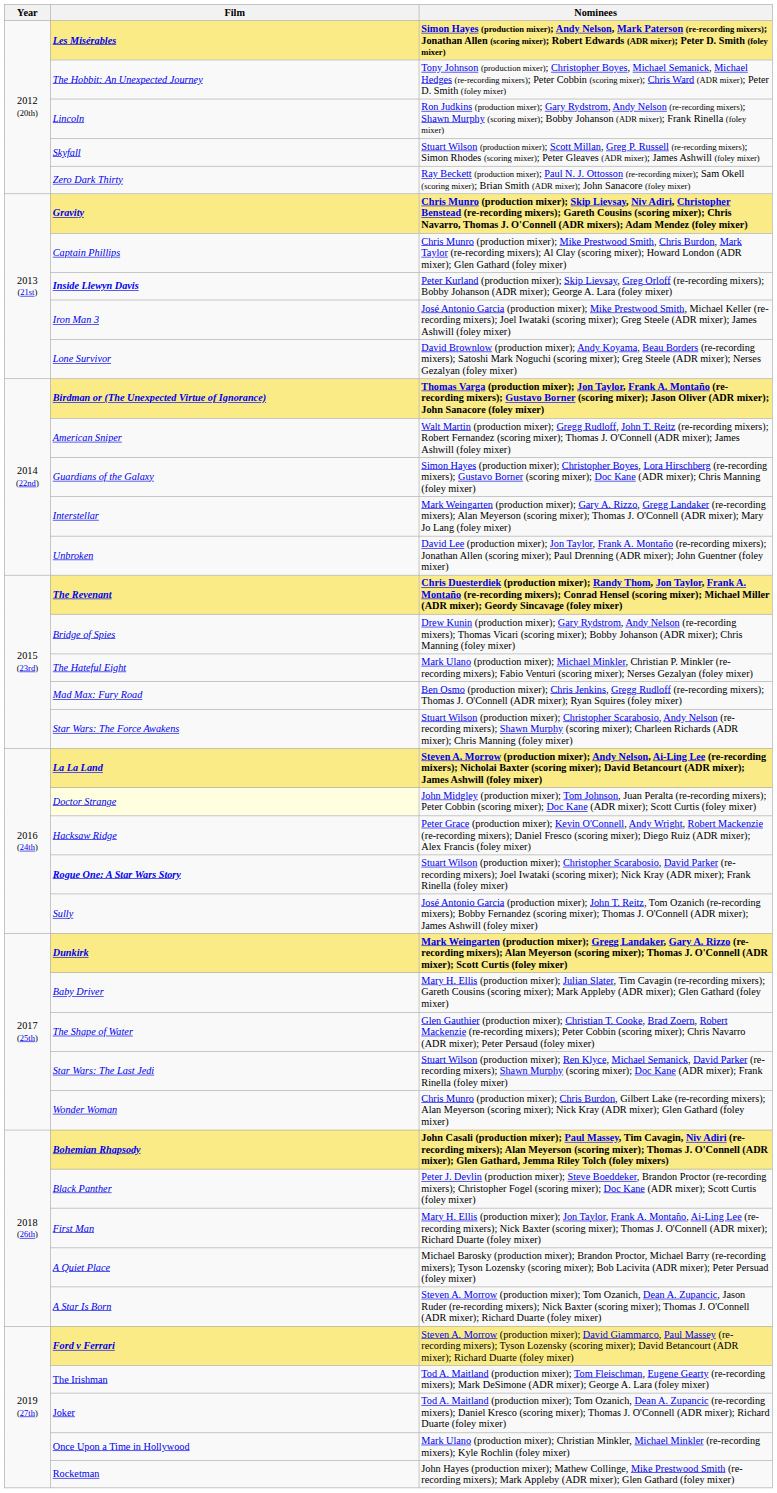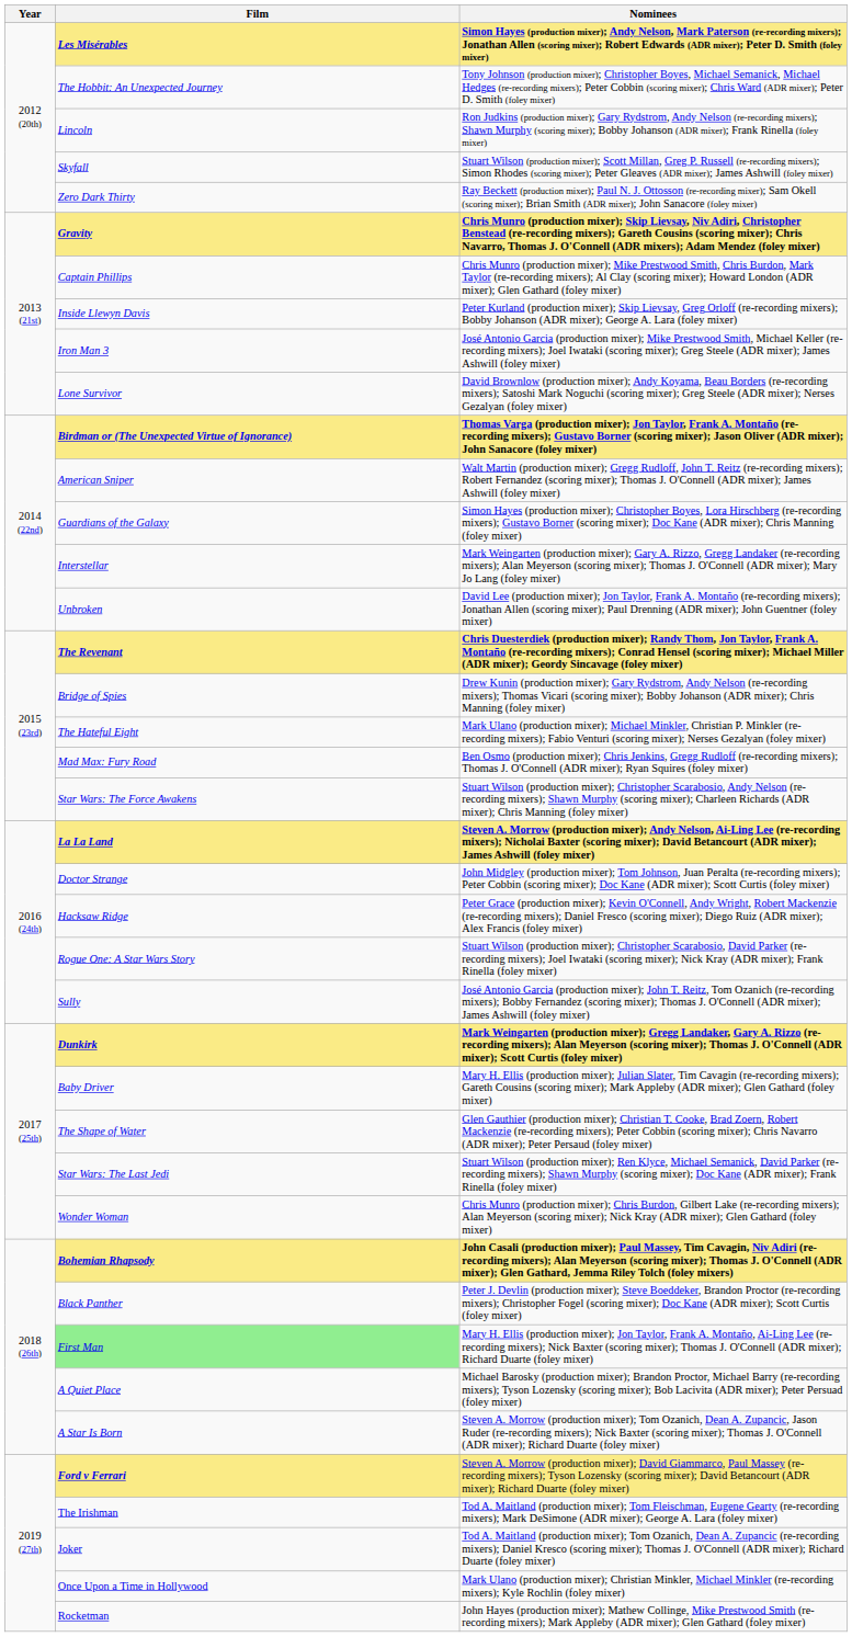 <table class="wikitable" width="95%" cellpadding="5">
 <tr>
 <th width="6%">Year</th>
 <th width="48%">Film</th>
 <th width="48%">Nominees</th>
 </tr>
 <tr>
 <td rowspan="5" style="text-align:center;">2012 <br><small>(20th)</small><br></td>
 <td style="background:#FAEB86;"><strong><em><a href='#'>Les Misérables</a></em></strong></td>
 <td style="background:#FAEB86;"><strong><a href='#'>Simon Hayes</a> <small>(production mixer)</small>; <a href='#'>Andy Nelson</a>, <a href='#'>Mark Paterson</a> <small>(re-recording mixers)</small>; Jonathan Allen <small>(scoring mixer)</small>; Robert Edwards <small>(ADR mixer)</small>; Peter D. Smith <small>(foley mixer)</small></strong></td>
 </tr>
 <tr>
 <td><em><a href='#'>The Hobbit: An Unexpected Journey</a></em></td>
 <td><a href='#'>Tony Johnson</a> <small>(production mixer)</small>; <a href='#'>Christopher Boyes</a>, <a href='#'>Michael Semanick</a>, <a href='#'>Michael Hedges</a> <small>(re-recording mixers)</small>; Peter Cobbin <small>(scoring mixer)</small>; <a href='#'>Chris Ward</a> <small>(ADR mixer)</small>; Peter D. Smith <small>(foley mixer)</small></td>
 </tr>
 <tr>
 <td><em><a href='#'>Lincoln</a></em></td>
 <td><a href='#'>Ron Judkins</a> <small>(production mixer)</small>; <a href='#'>Gary Rydstrom</a>, <a href='#'>Andy Nelson</a> <small>(re-recording mixers)</small>; <a href='#'>Shawn Murphy</a> <small>(scoring mixer)</small>; Bobby Johanson <small>(ADR mixer)</small>; Frank Rinella <small>(foley mixer)</small></td>
 </tr>
 <tr>
 <td><em><a href='#'>Skyfall</a></em></td>
 <td><a href='#'>Stuart Wilson</a> <small>(production mixer)</small>; <a href='#'>Scott Millan</a>, <a href='#'>Greg P. Russell</a> <small>(re-recording mixers)</small>; Simon Rhodes <small>(scoring mixer)</small>; Peter Gleaves <small>(ADR mixer)</small>; James Ashwill <small>(foley mixer)</small></td>
 </tr>
 <tr>
 <td><em><a href='#'>Zero Dark Thirty</a></em></td>
 <td><a href='#'>Ray Beckett</a> <small>(production mixer)</small>; <a href='#'>Paul N. J. Ottosson</a> <small>(re-recording mixer)</small>; Sam Okell <small>(scoring mixer)</small>; Brian Smith <small>(ADR mixer)</small>; John Sanacore <small>(foley mixer)</small></td>
 </tr>
 <tr>
 <td rowspan="5" style="text-align:center;">2013 <br><small>(<a href='#'>21st</a>)</small><br></td>
 <td style="background:#FAEB86;"><strong><em><a href='#'>Gravity</a></em></strong></td>
 <td style="background:#FAEB86;"><strong><a href='#'>Chris Munro</a> (production mixer); <a href='#'>Skip Lievsay</a>, <a href='#'>Niv Adiri</a>, <a href='#'>Christopher Benstead</a> (re-recording mixers); Gareth Cousins (scoring mixer); Chris Navarro, Thomas J. O'Connell (ADR mixers); Adam Mendez (foley mixer)</strong></td>
 </tr>
 <tr>
 <td><em><a href='#'>Captain Phillips</a></em></td>
 <td><a href='#'>Chris Munro</a> (production mixer); <a href='#'>Mike Prestwood Smith</a>, <a href='#'>Chris Burdon</a>, <a href='#'>Mark Taylor</a> (re-recording mixers); Al Clay (scoring mixer); Howard London (ADR mixer); Glen Gathard (foley mixer)</td>
 </tr>
 <tr>
-<td><strong><em><a href='#'>Inside Llewyn Davis</a></em></strong></td>
+<td><em><a href='#'>Inside Llewyn Davis</a></em></td>
 <td><a href='#'>Peter Kurland</a> (production mixer); <a href='#'>Skip Lievsay</a>, <a href='#'>Greg Orloff</a> (re-recording mixers); Bobby Johanson (ADR mixer); George A. Lara (foley mixer)</td>
 </tr>
 <tr>
 <td><em><a href='#'>Iron Man 3</a></em></td>
 <td><a href='#'>José Antonio Garcia</a> (production mixer); <a href='#'>Mike Prestwood Smith</a>, Michael Keller (re-recording mixers); Joel Iwataki (scoring mixer); Greg Steele (ADR mixer); James Ashwill (foley mixer)</td>
 </tr>
 <tr>
 <td><em><a href='#'>Lone Survivor</a></em></td>
 <td><a href='#'>David Brownlow</a> (production mixer); <a href='#'>Andy Koyama</a>, <a href='#'>Beau Borders</a> (re-recording mixers); Satoshi Mark Noguchi (scoring mixer); Greg Steele (ADR mixer); Nerses Gezalyan (foley mixer)</td>
 </tr>
 <tr>
 <td rowspan="5" style="text-align:center;">2014 <br><small>(<a href='#'>22nd</a>)</small><br></td>
 <td style="background:#FAEB86;"><strong><em><a href='#'>Birdman or (The Unexpected Virtue of Ignorance)</a></em></strong></td>
 <td style="background:#FAEB86;"><strong><a href='#'>Thomas Varga</a> (production mixer); <a href='#'>Jon Taylor</a>, <a href='#'>Frank A. Montaño</a> (re-recording mixers); <a href='#'>Gustavo Borner</a> (scoring mixer); Jason Oliver (ADR mixer); John Sanacore (foley mixer)</strong></td>
 </tr>
 <tr>
 <td><em><a href='#'>American Sniper</a></em></td>
 <td><a href='#'>Walt Martin</a> (production mixer); <a href='#'>Gregg Rudloff</a>, <a href='#'>John T. Reitz</a> (re-recording mixers); Robert Fernandez (scoring mixer); Thomas J. O'Connell (ADR mixer); James Ashwill (foley mixer)</td>
 </tr>
 <tr>
 <td><em><a href='#'>Guardians of the Galaxy</a></em></td>
 <td><a href='#'>Simon Hayes</a> (production mixer); <a href='#'>Christopher Boyes</a>, <a href='#'>Lora Hirschberg</a> (re-recording mixers); <a href='#'>Gustavo Borner</a> (scoring mixer); <a href='#'>Doc Kane</a> (ADR mixer); Chris Manning (foley mixer)</td>
 </tr>
 <tr>
 <td><em><a href='#'>Interstellar</a></em></td>
 <td><a href='#'>Mark Weingarten</a> (production mixer); <a href='#'>Gary A. Rizzo</a>, <a href='#'>Gregg Landaker</a> (re-recording mixers); Alan Meyerson (scoring mixer); Thomas J. O'Connell (ADR mixer); Mary Jo Lang (foley mixer)</td>
 </tr>
 <tr>
 <td><em><a href='#'>Unbroken</a></em></td>
 <td><a href='#'>David Lee</a> (production mixer); <a href='#'>Jon Taylor</a>, <a href='#'>Frank A. Montaño</a> (re-recording mixers); Jonathan Allen (scoring mixer); Paul Drenning (ADR mixer); John Guentner (foley mixer)</td>
 </tr>
 <tr>
 <td rowspan="5" style="text-align:center;">2015 <br><small>(<a href='#'>23rd</a>)</small><br></td>
 <td style="background:#FAEB86;"><strong><em><a href='#'>The Revenant</a></em></strong></td>
 <td style="background:#FAEB86;"><strong><a href='#'>Chris Duesterdiek</a> (production mixer); <a href='#'>Randy Thom</a>, <a href='#'>Jon Taylor</a>, <a href='#'>Frank A. Montaño</a> (re-recording mixers); Conrad Hensel (scoring mixer); Michael Miller (ADR mixer); Geordy Sincavage (foley mixer)</strong></td>
 </tr>
 <tr>
 <td><em><a href='#'>Bridge of Spies</a></em></td>
 <td><a href='#'>Drew Kunin</a> (production mixer); <a href='#'>Gary Rydstrom</a>, <a href='#'>Andy Nelson</a> (re-recording mixers); Thomas Vicari (scoring mixer); Bobby Johanson (ADR mixer); Chris Manning (foley mixer)</td>
 </tr>
 <tr>
 <td><em><a href='#'>The Hateful Eight</a></em></td>
 <td><a href='#'>Mark Ulano</a> (production mixer); <a href='#'>Michael Minkler</a>, Christian P. Minkler (re-recording mixers); Fabio Venturi (scoring mixer); Nerses Gezalyan (foley mixer)</td>
 </tr>
 <tr>
 <td><em><a href='#'>Mad Max: Fury Road</a></em></td>
 <td><a href='#'>Ben Osmo</a> (production mixer); <a href='#'>Chris Jenkins</a>, <a href='#'>Gregg Rudloff</a> (re-recording mixers); Thomas J. O'Connell (ADR mixer); Ryan Squires (foley mixer)</td>
 </tr>
 <tr>
 <td><em><a href='#'>Star Wars: The Force Awakens</a></em></td>
 <td><a href='#'>Stuart Wilson</a> (production mixer); <a href='#'>Christopher Scarabosio</a>, <a href='#'>Andy Nelson</a> (re-recording mixers); <a href='#'>Shawn Murphy</a> (scoring mixer); Charleen Richards (ADR mixer); Chris Manning (foley mixer)</td>
 </tr>
 <tr>
 <td rowspan="5" style="text-align:center;">2016 <br><small>(<a href='#'>24th</a>)</small><br></td>
 <td style="background:#FAEB86;"><strong><em><a href='#'>La La Land</a></em></strong></td>
 <td style="background:#FAEB86;"><strong><a href='#'>Steven A. Morrow</a> (production mixer); <a href='#'>Andy Nelson</a>, <a href='#'>Ai-Ling Lee</a> (re-recording mixers); Nicholai Baxter (scoring mixer); David Betancourt (ADR mixer); James Ashwill (foley mixer)</strong></td>
 </tr>
 <tr>
-<td style="background: lightyellow;"><em><a href='#'>Doctor Strange</a></em></td>
+<td><em><a href='#'>Doctor Strange</a></em></td>
 <td><a href='#'>John Midgley</a> (production mixer); <a href='#'>Tom Johnson</a>, Juan Peralta (re-recording mixers); Peter Cobbin (scoring mixer); <a href='#'>Doc Kane</a> (ADR mixer); Scott Curtis (foley mixer)</td>
 </tr>
 <tr>
 <td><em><a href='#'>Hacksaw Ridge</a></em></td>
 <td><a href='#'>Peter Grace</a> (production mixer); <a href='#'>Kevin O'Connell</a>, <a href='#'>Andy Wright</a>, <a href='#'>Robert Mackenzie</a> (re-recording mixers); Daniel Fresco (scoring mixer); Diego Ruiz (ADR mixer); Alex Francis (foley mixer)</td>
 </tr>
 <tr>
-<td><strong><em><a href='#'>Rogue One: A Star Wars Story</a></em></strong></td>
+<td><em><a href='#'>Rogue One: A Star Wars Story</a></em></td>
 <td><a href='#'>Stuart Wilson</a> (production mixer); <a href='#'>Christopher Scarabosio</a>, <a href='#'>David Parker</a> (re-recording mixers); Joel Iwataki (scoring mixer); Nick Kray (ADR mixer); Frank Rinella (foley mixer)</td>
 </tr>
 <tr>
 <td><em><a href='#'>Sully</a></em></td>
 <td><a href='#'>José Antonio Garcia</a> (production mixer); <a href='#'>John T. Reitz</a>, Tom Ozanich (re-recording mixers); Bobby Fernandez (scoring mixer); Thomas J. O'Connell (ADR mixer); James Ashwill (foley mixer)</td>
 </tr>
 <tr>
 <td rowspan="5" style="text-align:center;">2017 <br><small>(<a href='#'>25th</a>)</small><br></td>
 <td style="background:#FAEB86;"><strong><em><a href='#'>Dunkirk</a></em></strong></td>
 <td style="background:#FAEB86;"><strong><a href='#'>Mark Weingarten</a> (production mixer); <a href='#'>Gregg Landaker</a>, <a href='#'>Gary A. Rizzo</a> (re-recording mixers); Alan Meyerson (scoring mixer); Thomas J. O'Connell (ADR mixer); Scott Curtis (foley mixer)</strong></td>
 </tr>
 <tr>
 <td><em><a href='#'>Baby Driver</a></em></td>
 <td><a href='#'>Mary H. Ellis</a> (production mixer); <a href='#'>Julian Slater</a>, Tim Cavagin (re-recording mixers); Gareth Cousins (scoring mixer); Mark Appleby (ADR mixer); Glen Gathard (foley mixer)</td>
 </tr>
 <tr>
 <td><em><a href='#'>The Shape of Water</a></em></td>
 <td><a href='#'>Glen Gauthier</a> (production mixer); <a href='#'>Christian T. Cooke</a>, <a href='#'>Brad Zoern</a>, <a href='#'>Robert Mackenzie</a> (re-recording mixers); Peter Cobbin (scoring mixer); Chris Navarro (ADR mixer); Peter Persaud (foley mixer)</td>
 </tr>
 <tr>
 <td><em><a href='#'>Star Wars: The Last Jedi</a></em></td>
 <td><a href='#'>Stuart Wilson</a> (production mixer); <a href='#'>Ren Klyce</a>, <a href='#'>Michael Semanick</a>, <a href='#'>David Parker</a> (re-recording mixers); <a href='#'>Shawn Murphy</a> (scoring mixer); <a href='#'>Doc Kane</a> (ADR mixer); Frank Rinella (foley mixer)</td>
 </tr>
 <tr>
 <td><em><a href='#'>Wonder Woman</a></em></td>
 <td><a href='#'>Chris Munro</a> (production mixer); <a href='#'>Chris Burdon</a>, Gilbert Lake (re-recording mixers); Alan Meyerson (scoring mixer); Nick Kray (ADR mixer); Glen Gathard (foley mixer)</td>
 </tr>
 <tr>
 <td rowspan="5" style="text-align:center;">2018 <br><small>(<a href='#'>26th</a>)</small><br></td>
 <td style="background:#FAEB86;"><strong><em><a href='#'>Bohemian Rhapsody</a></em></strong></td>
 <td style="background:#FAEB86;"><strong>John Casali (production mixer); <a href='#'>Paul Massey</a>, Tim Cavagin, <a href='#'>Niv Adiri</a> (re-recording mixers); Alan Meyerson (scoring mixer); Thomas J. O'Connell (ADR mixer); Glen Gathard, Jemma Riley Tolch (foley mixers)</strong></td>
 </tr>
 <tr>
 <td><em><a href='#'>Black Panther</a></em></td>
 <td><a href='#'>Peter J. Devlin</a> (production mixer); <a href='#'>Steve Boeddeker</a>, Brandon Proctor (re-recording mixers); Christopher Fogel (scoring mixer); <a href='#'>Doc Kane</a> (ADR mixer); Scott Curtis (foley mixer)</td>
 </tr>
 <tr>
-<td><em><a href='#'>First Man</a></em></td>
+<td style="background: lightgreen;"><em><a href='#'>First Man</a></em></td>
 <td><a href='#'>Mary H. Ellis</a> (production mixer); <a href='#'>Jon Taylor</a>, <a href='#'>Frank A. Montaño</a>, <a href='#'>Ai-Ling Lee</a> (re-recording mixers); Nick Baxter (scoring mixer); Thomas J. O'Connell (ADR mixer); Richard Duarte (foley mixer)</td>
 </tr>
 <tr>
 <td><em><a href='#'>A Quiet Place</a></em></td>
 <td>Michael Barosky (production mixer); Brandon Proctor, Michael Barry (re-recording mixers); Tyson Lozensky (scoring mixer); Bob Lacivita (ADR mixer); Peter Persuad (foley mixer)</td>
 </tr>
 <tr>
 <td><em><a href='#'>A Star Is Born</a></em></td>
 <td><a href='#'>Steven A. Morrow</a> (production mixer); Tom Ozanich, <a href='#'>Dean A. Zupancic</a>, Jason Ruder (re-recording mixers); Nick Baxter (scoring mixer); Thomas J. O'Connell (ADR mixer); Richard Duarte (foley mixer)</td>
 </tr>
 <tr>
 <td rowspan="5" style="text-align:center;">2019 <br><small>(<a href='#'>27th</a>)</small><br></td>
 <td style="background:#FAEB86;"><strong><em><a href='#'>Ford v Ferrari</a><em> <strong></td>
 <td style="background:#FAEB86;"></strong><a href='#'>Steven A. Morrow</a> (production mixer); <a href='#'>David Giammarco</a>, <a href='#'>Paul Massey</a> (re-recording mixers); Tyson Lozensky (scoring mixer); David Betancourt (ADR mixer); Richard Duarte (foley mixer)<strong></td>
 </tr>
 <tr>
 <td></em><a href='#'>The Irishman</a><em></td>
 <td><a href='#'>Tod A. Maitland</a> (production mixer); <a href='#'>Tom Fleischman</a>, <a href='#'>Eugene Gearty</a> (re-recording mixers); Mark DeSimone (ADR mixer); George A. Lara (foley mixer)</td>
 </tr>
 <tr>
 <td></em><a href='#'>Joker</a><em></td>
 <td><a href='#'>Tod A. Maitland</a> (production mixer); Tom Ozanich, <a href='#'>Dean A. Zupancic</a> (re-recording mixers); Daniel Kresco (scoring mixer); Thomas J. O'Connell (ADR mixer); Richard Duarte (foley mixer)</td>
 </tr>
 <tr>
 <td></em><a href='#'>Once Upon a Time in Hollywood</a><em></td>
 <td><a href='#'>Mark Ulano</a> (production mixer); Christian Minkler, <a href='#'>Michael Minkler</a> (re-recording mixers); Kyle Rochlin (foley mixer)</td>
 </tr>
 <tr>
 <td></em><a href='#'>Rocketman</a><em></td>
 <td>John Hayes (production mixer); Mathew Collinge, <a href='#'>Mike Prestwood Smith</a> (re-recording mixers); Mark Appleby (ADR mixer); Glen Gathard (foley mixer)</td>
 </tr>
 </table>
